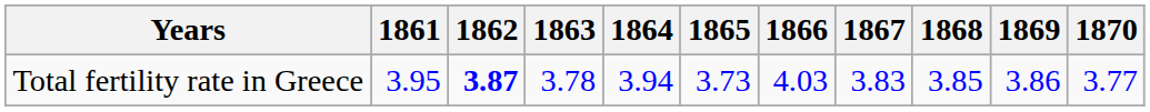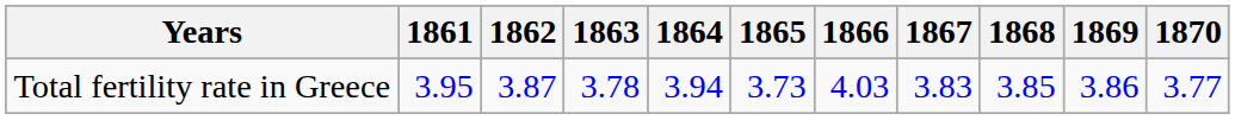 <table class="wikitable " style="text-align:right">
 <tr>
 <th>Years</th>
 <th>1861</th>
 <th>1862</th>
 <th>1863</th>
 <th>1864</th>
 <th>1865</th>
 <th>1866</th>
 <th>1867</th>
 <th>1868</th>
 <th>1869</th>
 <th>1870</th>
 </tr>
 <tr>
 <td align="left">Total fertility rate in Greece</td>
 <td style="text-align:right; color:blue;">3.95</td>
-<td style="text-align:right; color:blue;"><strong>3.87</strong></td>
+<td style="text-align:right; color:blue;">3.87</td>
 <td style="text-align:right; color:blue;">3.78</td>
 <td style="text-align:right; color:blue;">3.94</td>
 <td style="text-align:right; color:blue;">3.73</td>
 <td style="text-align:right; color:blue;">4.03</td>
 <td style="text-align:right; color:blue;">3.83</td>
 <td style="text-align:right; color:blue;">3.85</td>
 <td style="text-align:right; color:blue;">3.86</td>
 <td style="text-align:right; color:blue;">3.77</td>
 </tr>
 </table>
